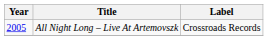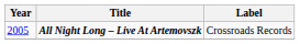 <table class="wikitable">
 <tr>
 <th align="left" valign="top" width="40">Year</th>
 <th align="left" valign="top">Title</th>
 <th align="left" valign="top">Label</th>
 </tr>
 <tr>
 <td><a href='#'>2005</a></td>
-<td><em>All Night Long – Live At Artemovszk</em></td>
+<td><strong><em>All Night Long – Live At Artemovszk</em></strong></td>
 <td>Crossroads Records</td>
 </tr>
 <tr>
 </tr>
 </table>
